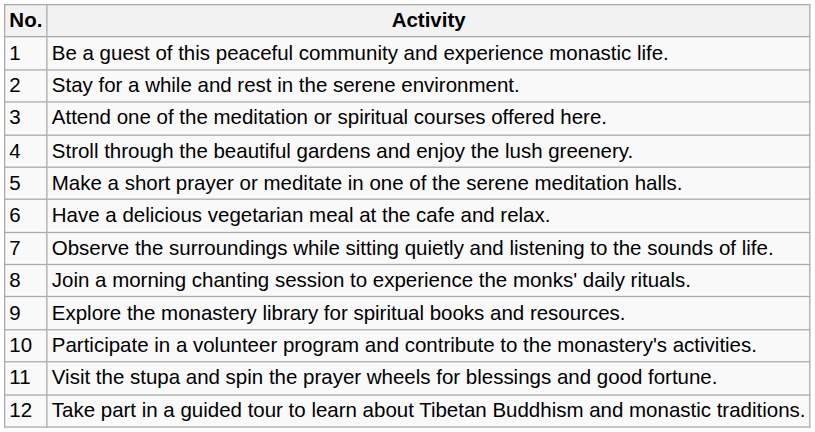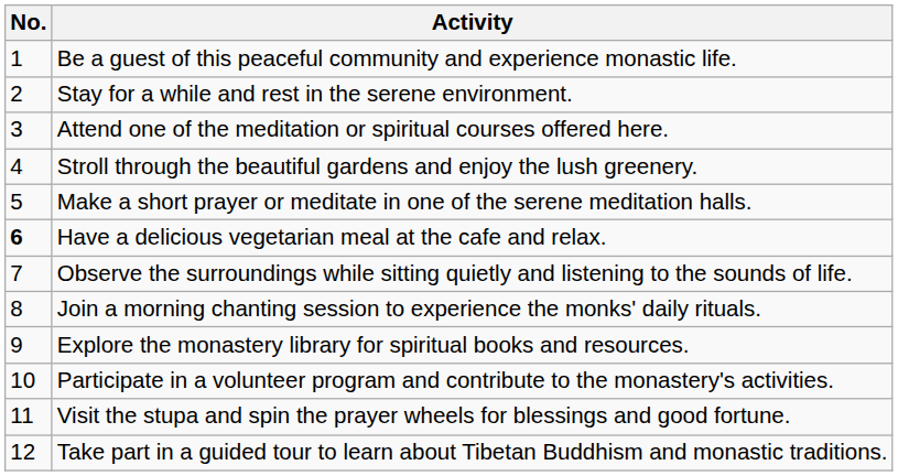 <table class="wikitable">
 <tr>
 <th>No.</th>
 <th>Activity</th>
 </tr>
 <tr>
 <td>1</td>
 <td>Be a guest of this peaceful community and experience monastic life.</td>
 </tr>
 <tr>
 <td>2</td>
 <td>Stay for a while and rest in the serene environment.</td>
 </tr>
 <tr>
 <td>3</td>
 <td>Attend one of the meditation or spiritual courses offered here.</td>
 </tr>
 <tr>
 <td>4</td>
 <td>Stroll through the beautiful gardens and enjoy the lush greenery.</td>
 </tr>
 <tr>
 <td>5</td>
 <td>Make a short prayer or meditate in one of the serene meditation halls.</td>
 </tr>
 <tr>
-<td>6</td>
+<td><strong>6</strong></td>
 <td>Have a delicious vegetarian meal at the cafe and relax.</td>
 </tr>
 <tr>
 <td>7</td>
 <td>Observe the surroundings while sitting quietly and listening to the sounds of life.</td>
 </tr>
 <tr>
 <td>8</td>
 <td>Join a morning chanting session to experience the monks' daily rituals.</td>
 </tr>
 <tr>
 <td>9</td>
 <td>Explore the monastery library for spiritual books and resources.</td>
 </tr>
 <tr>
 <td>10</td>
 <td>Participate in a volunteer program and contribute to the monastery's activities.</td>
 </tr>
 <tr>
 <td>11</td>
 <td>Visit the stupa and spin the prayer wheels for blessings and good fortune.</td>
 </tr>
 <tr>
 <td>12</td>
 <td>Take part in a guided tour to learn about Tibetan Buddhism and monastic traditions.</td>
 </tr>
 </table>
